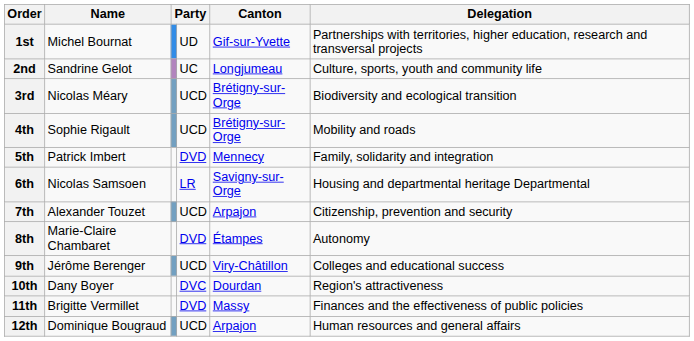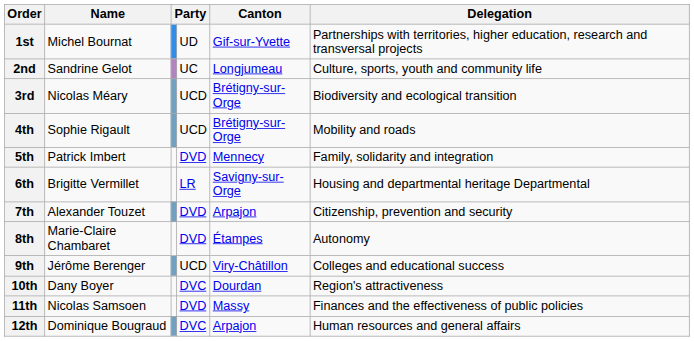 <table class="wikitable sortable">
 <tr>
 <th>Order</th>
 <th>Name</th>
 <th colspan="2">Party</th>
 <th>Canton</th>
 <th>Delegation</th>
 </tr>
 <tr>
 <th>1st</th>
 <td>Michel Bournat</td>
 <td style="color:inherit;background:#318CE7"></td>
 <td>UD</td>
 <td><a href='#'>Gif-sur-Yvette</a></td>
 <td>Partnerships with territories, higher education, research and transversal projects</td>
 </tr>
 <tr>
 <th>2nd</th>
 <td>Sandrine Gelot</td>
 <td style="color:inherit;background:#B284BE"></td>
 <td>UC</td>
 <td><a href='#'>Longjumeau</a></td>
 <td>Culture, sports, youth and community life</td>
 </tr>
 <tr>
 <th>3rd</th>
 <td>Nicolas Méary</td>
 <td style="color:inherit;background:#72A0C1"></td>
 <td>UCD</td>
 <td><a href='#'>Brétigny-sur-Orge</a></td>
 <td>Biodiversity and ecological transition</td>
 </tr>
 <tr>
 <th>4th</th>
 <td>Sophie Rigault</td>
 <td style="color:inherit;background:#72A0C1"></td>
 <td>UCD</td>
 <td><a href='#'>Brétigny-sur-Orge</a></td>
 <td>Mobility and roads</td>
 </tr>
 <tr>
 <th>5th</th>
 <td>Patrick Imbert</td>
 <td style="color:inherit;background:"></td>
 <td><a href='#'>DVD</a></td>
 <td><a href='#'>Mennecy</a></td>
 <td>Family, solidarity and integration</td>
 </tr>
 <tr>
 <th>6th</th>
-<td>Nicolas Samsoen</td>
+<td>Brigitte Vermillet</td>
 <td style="color:inherit;background:"></td>
 <td><a href='#'>LR</a></td>
 <td><a href='#'>Savigny-sur-Orge</a></td>
 <td>Housing and departmental heritage Departmental</td>
 </tr>
 <tr>
 <th>7th</th>
 <td>Alexander Touzet</td>
 <td style="color:inherit;background:#72A0C1"></td>
-<td>UCD</td>
+<td><a href='#'>DVD</a></td>
 <td><a href='#'>Arpajon</a></td>
 <td>Citizenship, prevention and security</td>
 </tr>
 <tr>
 <th>8th</th>
 <td>Marie-Claire Chambaret</td>
 <td style="color:inherit;background:"></td>
 <td><a href='#'>DVD</a></td>
 <td><a href='#'>Étampes</a></td>
 <td>Autonomy</td>
 </tr>
 <tr>
 <th>9th</th>
 <td>Jérôme Berenger</td>
 <td style="color:inherit;background:#72A0C1"></td>
 <td>UCD</td>
 <td><a href='#'>Viry-Châtillon</a></td>
 <td>Colleges and educational success</td>
 </tr>
 <tr>
 <th>10th</th>
 <td>Dany Boyer</td>
 <td style="color:inherit;background:"></td>
 <td><a href='#'>DVC</a></td>
 <td><a href='#'>Dourdan</a></td>
 <td>Region's attractiveness</td>
 </tr>
 <tr>
 <th>11th</th>
-<td>Brigitte Vermillet</td>
+<td>Nicolas Samsoen</td>
 <td style="color:inherit;background:"></td>
 <td><a href='#'>DVD</a></td>
 <td><a href='#'>Massy</a></td>
 <td>Finances and the effectiveness of public policies</td>
 </tr>
 <tr>
 <th>12th</th>
 <td>Dominique Bougraud</td>
 <td style="color:inherit;background:#72A0C1"></td>
-<td>UCD</td>
+<td><a href='#'>DVC</a></td>
 <td><a href='#'>Arpajon</a></td>
 <td>Human resources and general affairs</td>
 </tr>
 </table>
